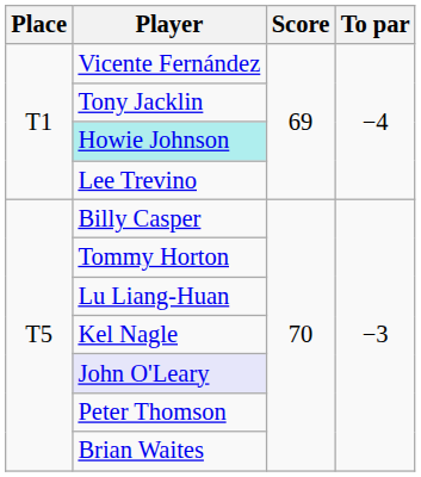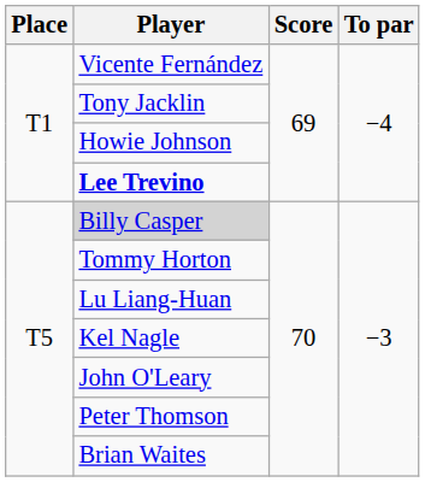 <table class="wikitable">
 <tr>
 <th>Place</th>
 <th>Player</th>
 <th>Score</th>
 <th>To par</th>
 </tr>
 <tr>
 <td rowspan="4" align=center>T1</td>
 <td> <a href='#'>Vicente Fernández</a></td>
 <td rowspan="4" align=center>69</td>
 <td rowspan="4" align=center>−4</td>
 </tr>
 <tr>
 <td> <a href='#'>Tony Jacklin</a></td>
 </tr>
 <tr>
-<td style="background: paleturquoise;"> <a href='#'>Howie Johnson</a></td>
+<td> <a href='#'>Howie Johnson</a></td>
 </tr>
 <tr>
-<td> <a href='#'>Lee Trevino</a></td>
+<td><strong> <a href='#'>Lee Trevino</a></strong></td>
 </tr>
 <tr>
 <td rowspan="7" align=center>T5</td>
-<td> <a href='#'>Billy Casper</a></td>
+<td style="background: lightgrey;"> <a href='#'>Billy Casper</a></td>
 <td rowspan="7" align=center>70</td>
 <td rowspan="7" align=center>−3</td>
 </tr>
 <tr>
 <td> <a href='#'>Tommy Horton</a></td>
 </tr>
 <tr>
 <td> <a href='#'>Lu Liang-Huan</a></td>
 </tr>
 <tr>
 <td> <a href='#'>Kel Nagle</a></td>
 </tr>
 <tr>
-<td style="background: lavender;"> <a href='#'>John O'Leary</a></td>
+<td> <a href='#'>John O'Leary</a></td>
 </tr>
 <tr>
 <td> <a href='#'>Peter Thomson</a></td>
 </tr>
 <tr>
 <td> <a href='#'>Brian Waites</a></td>
 </tr>
 </table>
